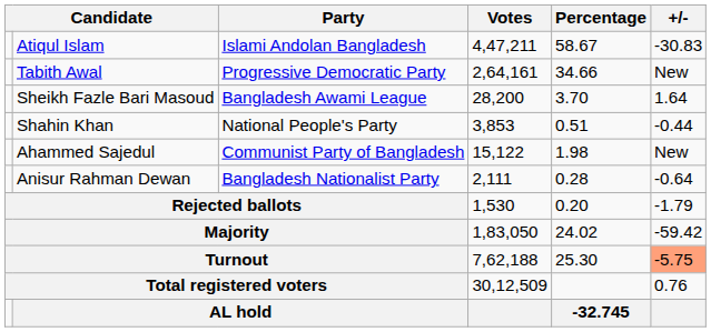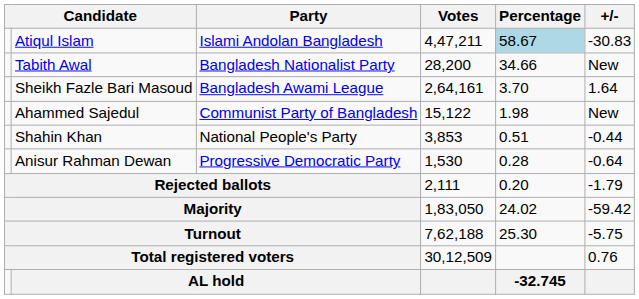 <table class="wikitable">
 <tr>
 <th colspan=2>Candidate</th>
 <th>Party</th>
 <th>Votes</th>
 <th>Percentage</th>
 <th>+/-</th>
 </tr>
 <tr>
 <td style="background-color:"></td>
 <td><a href='#'>Atiqul Islam</a></td>
 <td><a href='#'>Islami Andolan Bangladesh</a></td>
 <td>4,47,211</td>
-<td>58.67</td>
+<td style="background: lightblue;">58.67</td>
 <td>-30.83</td>
 </tr>
 <tr>
 <td style="background-color:"></td>
 <td><a href='#'>Tabith Awal</a></td>
-<td><a href='#'>Progressive Democratic Party</a></td>
-<td>2,64,161</td>
+<td><a href='#'>Bangladesh Nationalist Party</a></td>
+<td>28,200</td>
 <td>34.66</td>
 <td>New</td>
 </tr>
 <tr>
 <td style="background-color:"></td>
 <td>Sheikh Fazle Bari Masoud</td>
 <td><a href='#'>Bangladesh Awami League</a></td>
-<td>28,200</td>
+<td>2,64,161</td>
 <td>3.70</td>
 <td>1.64</td>
+</tr>
+<tr>
+<td style="background-color:"></td>
+<td>Ahammed Sajedul</td>
+<td><a href='#'>Communist Party of Bangladesh</a></td>
+<td>15,122</td>
+<td>1.98</td>
+<td>New</td>
 </tr>
 <tr>
 <td style="background-color:"></td>
 <td>Shahin Khan</td>
 <td>National People's Party</td>
 <td>3,853</td>
 <td>0.51</td>
 <td>-0.44</td>
 </tr>
 <tr>
 <td style="background-color:"></td>
-<td>Ahammed Sajedul</td>
-<td><a href='#'>Communist Party of Bangladesh</a></td>
-<td>15,122</td>
-<td>1.98</td>
-<td>New</td>
-</tr>
-<tr>
-<td style="background-color:"></td>
 <td>Anisur Rahman Dewan</td>
-<td><a href='#'>Bangladesh Nationalist Party</a></td>
-<td>2,111</td>
+<td><a href='#'>Progressive Democratic Party</a></td>
+<td>1,530</td>
 <td>0.28</td>
 <td>-0.64</td>
 </tr>
 <tr>
 <th colspan=3>Rejected ballots</th>
-<td>1,530</td>
+<td>2,111</td>
 <td>0.20</td>
 <td>-1.79</td>
 </tr>
 <tr>
 <th colspan=3>Majority</th>
 <td>1,83,050</td>
 <td>24.02</td>
 <td>-59.42</td>
 </tr>
 <tr>
 <th colspan=3>Turnout</th>
 <td>7,62,188</td>
 <td>25.30</td>
-<td style="background: lightsalmon;">-5.75</td>
+<td>-5.75</td>
 </tr>
 <tr>
 <th colspan=3>Total registered voters</th>
 <td>30,12,509</td>
 <td></td>
 <td> 0.76</td>
 </tr>
 <tr>
 <td style="background-color:"></td>
 <th align=left colspan=2>AL hold</th>
 <th></th>
 <th align=left>-32.745</th>
 <th></th>
 </tr>
 </table>
